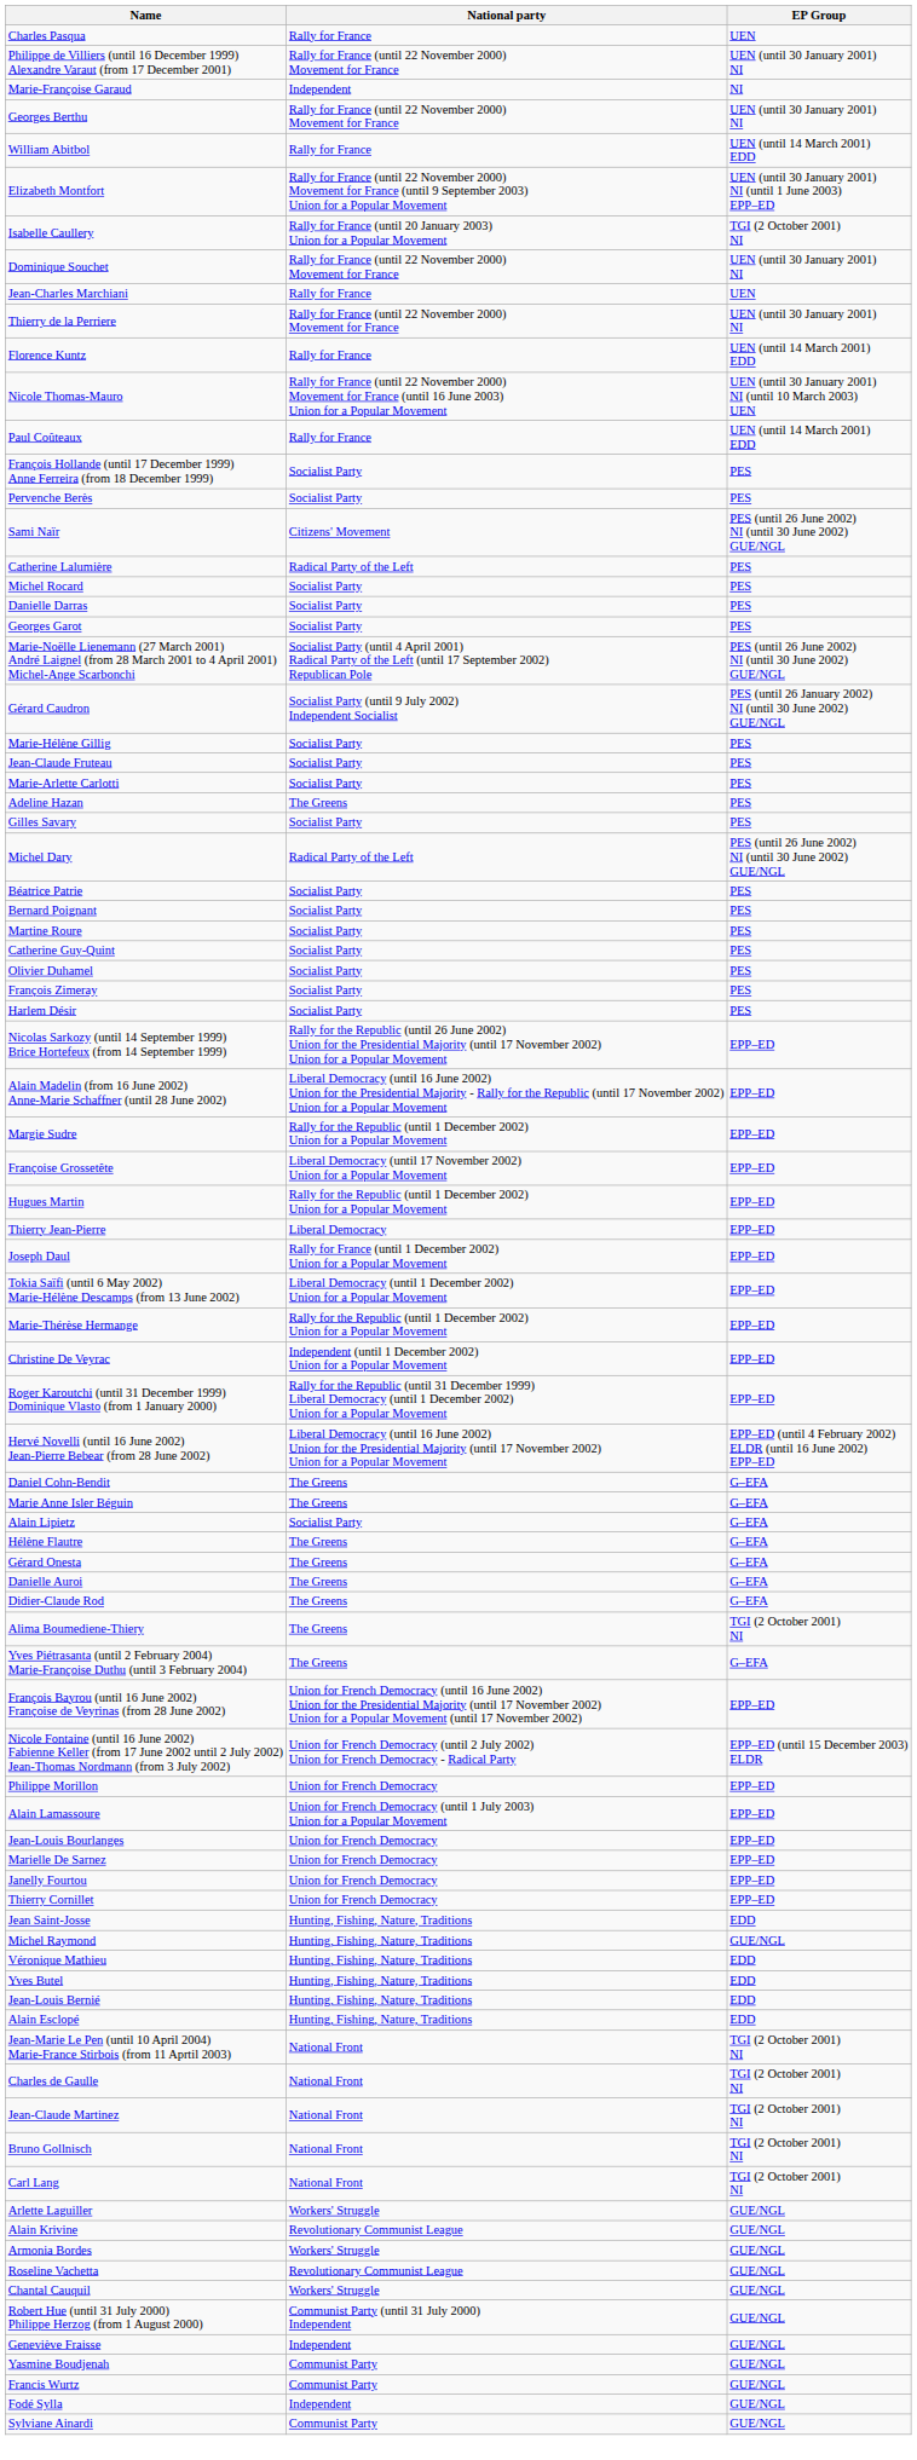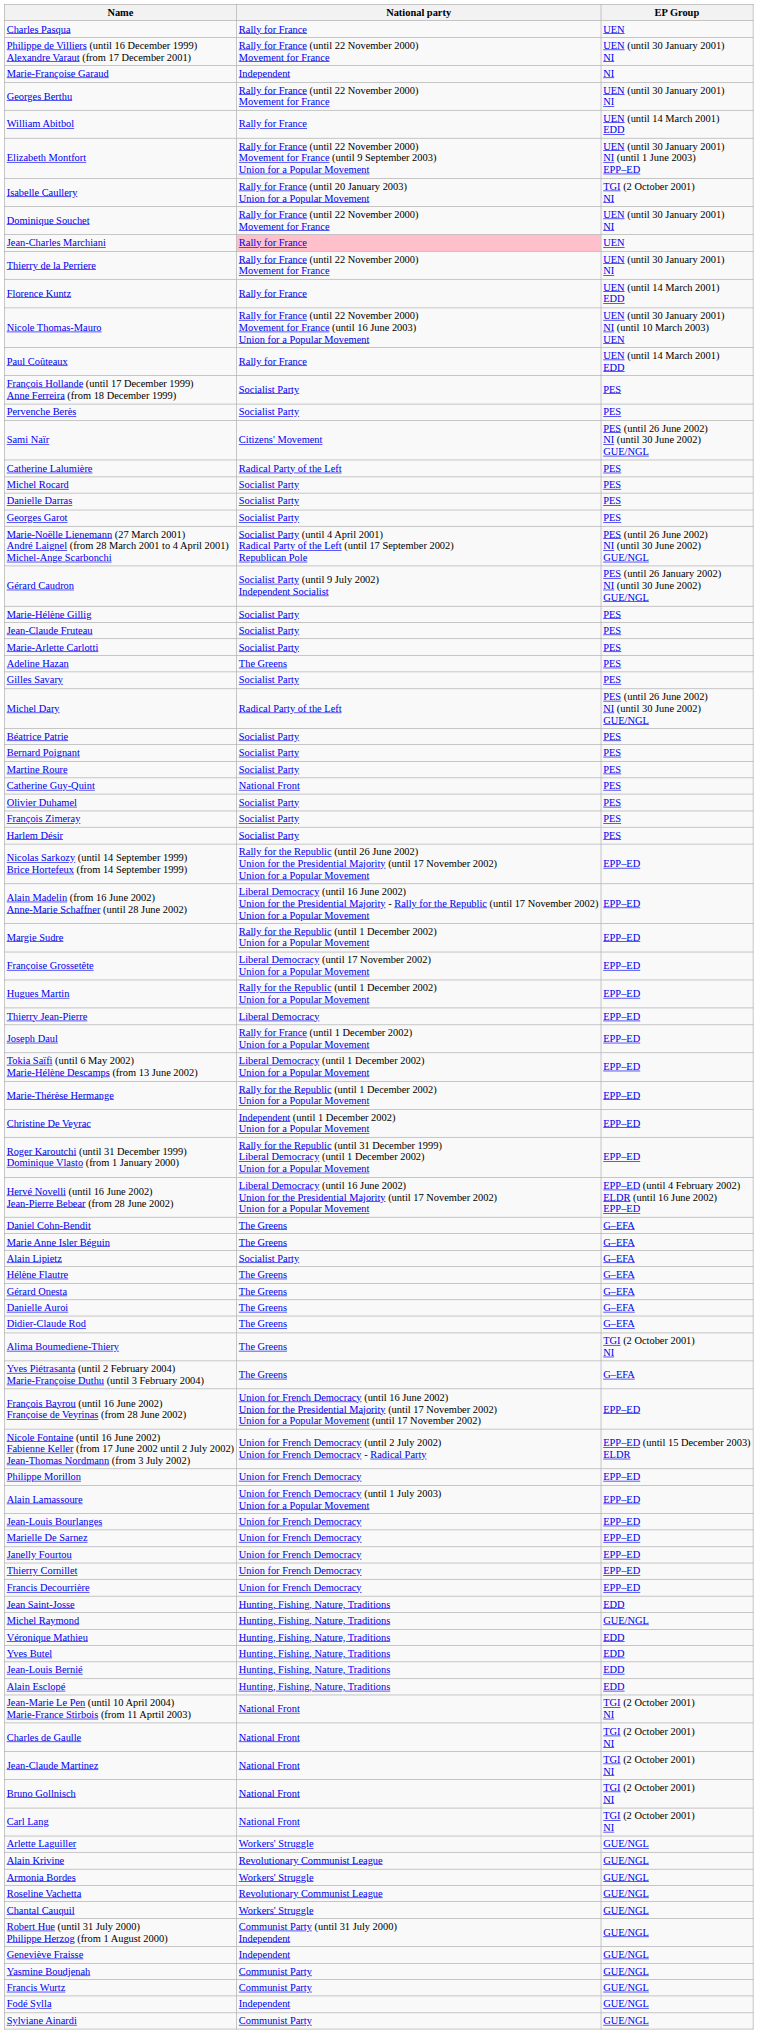 <table class="sortable wikitable">
 <tr>
 <th>Name</th>
 <th>National party</th>
 <th>EP Group</th>
 </tr>
 <tr>
 <td><a href='#'>Charles Pasqua</a></td>
 <td> <a href='#'>Rally for France</a></td>
 <td> <a href='#'>UEN</a></td>
 </tr>
 <tr>
 <td><a href='#'>Philippe de Villiers</a> (until 16 December 1999)<br><a href='#'>Alexandre Varaut</a> (from 17 December 2001)</td>
 <td> <a href='#'>Rally for France</a> (until 22 November 2000)<br> <a href='#'>Movement for France</a></td>
 <td> <a href='#'>UEN</a> (until 30 January 2001)<br> <a href='#'>NI</a></td>
 </tr>
 <tr>
 <td><a href='#'>Marie-Françoise Garaud</a></td>
 <td> <a href='#'>Independent</a></td>
 <td> <a href='#'>NI</a></td>
 </tr>
 <tr>
 <td><a href='#'>Georges Berthu</a></td>
 <td> <a href='#'>Rally for France</a> (until 22 November 2000)<br> <a href='#'>Movement for France</a> <br></td>
 <td> <a href='#'>UEN</a> (until 30 January 2001)<br> <a href='#'>NI</a></td>
 </tr>
 <tr>
 <td><a href='#'>William Abitbol</a></td>
 <td> <a href='#'>Rally for France</a></td>
 <td> <a href='#'>UEN</a> (until 14 March 2001)<br> <a href='#'>EDD</a></td>
 </tr>
 <tr>
 <td><a href='#'>Elizabeth Montfort</a></td>
 <td> <a href='#'>Rally for France</a> (until 22 November 2000)<br> <a href='#'>Movement for France</a> (until 9 September 2003)<br> <a href='#'>Union for a Popular Movement</a></td>
 <td> <a href='#'>UEN</a> (until 30 January 2001)<br> <a href='#'>NI</a> (until 1 June 2003)<br> <a href='#'>EPP–ED</a></td>
 </tr>
 <tr>
 <td><a href='#'>Isabelle Caullery</a></td>
 <td> <a href='#'>Rally for France</a> (until 20 January 2003)<br> <a href='#'>Union for a Popular Movement</a></td>
 <td> <a href='#'>TGI</a> (2 October 2001)<br> <a href='#'>NI</a></td>
 </tr>
 <tr>
 <td><a href='#'>Dominique Souchet</a></td>
 <td> <a href='#'>Rally for France</a> (until 22 November 2000)<br> <a href='#'>Movement for France</a></td>
 <td> <a href='#'>UEN</a> (until 30 January 2001)<br> <a href='#'>NI</a></td>
 </tr>
 <tr>
 <td><a href='#'>Jean-Charles Marchiani</a></td>
-<td> <a href='#'>Rally for France</a></td>
+<td style="background: pink;"> <a href='#'>Rally for France</a></td>
 <td> <a href='#'>UEN</a></td>
 </tr>
 <tr>
 <td><a href='#'>Thierry de la Perriere</a></td>
 <td> <a href='#'>Rally for France</a> (until 22 November 2000)<br> <a href='#'>Movement for France</a></td>
 <td> <a href='#'>UEN</a> (until 30 January 2001)<br> <a href='#'>NI</a></td>
 </tr>
 <tr>
 <td><a href='#'>Florence Kuntz</a></td>
 <td> <a href='#'>Rally for France</a></td>
 <td> <a href='#'>UEN</a> (until 14 March 2001)<br> <a href='#'>EDD</a></td>
 </tr>
 <tr>
 <td><a href='#'>Nicole Thomas-Mauro</a></td>
 <td> <a href='#'>Rally for France</a> (until 22 November 2000)<br> <a href='#'>Movement for France</a> (until 16 June 2003)<br> <a href='#'>Union for a Popular Movement</a></td>
 <td> <a href='#'>UEN</a> (until 30 January 2001)<br> <a href='#'>NI</a> (until 10 March 2003)<br> <a href='#'>UEN</a></td>
 </tr>
 <tr>
 <td><a href='#'>Paul Coûteaux</a></td>
 <td> <a href='#'>Rally for France</a></td>
 <td> <a href='#'>UEN</a> (until 14 March 2001)<br> <a href='#'>EDD</a></td>
 </tr>
 <tr>
 <td><a href='#'>François Hollande</a> (until 17 December 1999)<br><a href='#'>Anne Ferreira</a> (from 18 December 1999)</td>
 <td> <a href='#'>Socialist Party</a></td>
 <td> <a href='#'>PES</a></td>
 </tr>
 <tr>
 <td><a href='#'>Pervenche Berès</a></td>
 <td> <a href='#'>Socialist Party</a></td>
 <td> <a href='#'>PES</a></td>
 </tr>
 <tr>
 <td><a href='#'>Sami Naïr</a></td>
 <td> <a href='#'>Citizens' Movement</a></td>
 <td> <a href='#'>PES</a> (until 26 June 2002)<br> <a href='#'>NI</a> (until 30 June 2002)<br> <a href='#'>GUE/NGL</a></td>
 </tr>
 <tr>
 <td><a href='#'>Catherine Lalumière</a></td>
 <td> <a href='#'>Radical Party of the Left</a></td>
 <td> <a href='#'>PES</a></td>
 </tr>
 <tr>
 <td><a href='#'>Michel Rocard</a></td>
 <td> <a href='#'>Socialist Party</a></td>
 <td> <a href='#'>PES</a></td>
 </tr>
 <tr>
 <td><a href='#'>Danielle Darras</a></td>
 <td> <a href='#'>Socialist Party</a></td>
 <td> <a href='#'>PES</a></td>
 </tr>
 <tr>
 <td><a href='#'>Georges Garot</a></td>
 <td> <a href='#'>Socialist Party</a></td>
 <td> <a href='#'>PES</a></td>
 </tr>
 <tr>
 <td><a href='#'>Marie-Noëlle Lienemann</a> (27 March 2001)<br><a href='#'>André Laignel</a> (from 28 March 2001 to 4 April 2001)<br><a href='#'>Michel-Ange Scarbonchi</a></td>
 <td> <a href='#'>Socialist Party</a> (until 4 April 2001)<br> <a href='#'>Radical Party of the Left</a> (until 17 September 2002)<br> <a href='#'>Republican Pole</a></td>
 <td> <a href='#'>PES</a> (until 26 June 2002)<br> <a href='#'>NI</a> (until 30 June 2002)<br> <a href='#'>GUE/NGL</a></td>
 </tr>
 <tr>
 <td><a href='#'>Gérard Caudron</a></td>
 <td> <a href='#'>Socialist Party</a> (until 9 July 2002)<br> <a href='#'>Independent Socialist</a></td>
 <td> <a href='#'>PES</a> (until 26 January 2002)<br> <a href='#'>NI</a> (until 30 June 2002)<br> <a href='#'>GUE/NGL</a></td>
 </tr>
 <tr>
 <td><a href='#'>Marie-Hélène Gillig</a></td>
 <td> <a href='#'>Socialist Party</a></td>
 <td> <a href='#'>PES</a></td>
 </tr>
 <tr>
 <td><a href='#'>Jean-Claude Fruteau</a></td>
 <td> <a href='#'>Socialist Party</a></td>
 <td> <a href='#'>PES</a></td>
 </tr>
 <tr>
 <td><a href='#'>Marie-Arlette Carlotti</a></td>
 <td> <a href='#'>Socialist Party</a></td>
 <td> <a href='#'>PES</a></td>
 </tr>
 <tr>
 <td><a href='#'>Adeline Hazan</a></td>
 <td> <a href='#'>The Greens</a></td>
 <td> <a href='#'>PES</a></td>
 </tr>
 <tr>
 <td><a href='#'>Gilles Savary</a></td>
 <td> <a href='#'>Socialist Party</a></td>
 <td> <a href='#'>PES</a></td>
 </tr>
 <tr>
 <td><a href='#'>Michel Dary</a></td>
 <td> <a href='#'>Radical Party of the Left</a></td>
 <td> <a href='#'>PES</a> (until 26 June 2002)<br> <a href='#'>NI</a> (until 30 June 2002)<br> <a href='#'>GUE/NGL</a></td>
 </tr>
 <tr>
 <td><a href='#'>Béatrice Patrie</a></td>
 <td> <a href='#'>Socialist Party</a></td>
 <td> <a href='#'>PES</a></td>
 </tr>
 <tr>
 <td><a href='#'>Bernard Poignant</a></td>
 <td> <a href='#'>Socialist Party</a></td>
 <td> <a href='#'>PES</a></td>
 </tr>
 <tr>
 <td><a href='#'>Martine Roure</a></td>
 <td> <a href='#'>Socialist Party</a></td>
 <td> <a href='#'>PES</a></td>
 </tr>
 <tr>
 <td><a href='#'>Catherine Guy-Quint</a></td>
-<td><a href='#'></a> <a href='#'>Socialist Party</a></td>
+<td> <a href='#'>National Front</a></td>
 <td> <a href='#'>PES</a></td>
 </tr>
 <tr>
 <td><a href='#'>Olivier Duhamel</a></td>
 <td><a href='#'></a> <a href='#'>Socialist Party</a></td>
 <td> <a href='#'>PES</a></td>
 </tr>
 <tr>
 <td><a href='#'>François Zimeray</a></td>
 <td> <a href='#'>Socialist Party</a></td>
 <td> <a href='#'>PES</a></td>
 </tr>
 <tr>
 <td><a href='#'>Harlem Désir</a></td>
 <td> <a href='#'>Socialist Party</a></td>
 <td> <a href='#'>PES</a></td>
 </tr>
 <tr>
 <td><a href='#'>Nicolas Sarkozy</a> (until 14 September 1999)<br><a href='#'>Brice Hortefeux</a>  (from 14 September 1999)</td>
 <td> <a href='#'>Rally for the Republic</a> (until 26 June  2002)<br> <a href='#'>Union for the Presidential Majority</a> (until 17 November 2002)<br> <a href='#'>Union for a Popular Movement</a></td>
 <td> <a href='#'>EPP–ED</a></td>
 </tr>
 <tr>
 <td><a href='#'>Alain Madelin</a> (from 16 June 2002)<br><a href='#'>Anne-Marie Schaffner</a> (until 28 June 2002)</td>
 <td> <a href='#'>Liberal Democracy</a> (until 16 June 2002)<br> <a href='#'>Union for the Presidential Majority</a> - <a href='#'>Rally for the Republic</a> (until 17 November 2002)<br> <a href='#'>Union for a Popular Movement</a></td>
 <td> <a href='#'>EPP–ED</a></td>
 </tr>
 <tr>
 <td><a href='#'>Margie Sudre</a></td>
 <td> <a href='#'>Rally for the Republic</a> (until 1 December 2002)<br> <a href='#'>Union for a Popular Movement</a></td>
 <td> <a href='#'>EPP–ED</a></td>
 </tr>
 <tr>
 <td><a href='#'>Françoise Grossetête</a></td>
 <td> <a href='#'>Liberal Democracy</a> (until 17 November 2002)<br> <a href='#'>Union for a Popular Movement</a></td>
 <td> <a href='#'>EPP–ED</a></td>
 </tr>
 <tr>
 <td><a href='#'>Hugues Martin</a></td>
 <td> <a href='#'>Rally for the Republic</a> (until 1 December 2002)<br> <a href='#'>Union for a Popular Movement</a></td>
 <td> <a href='#'>EPP–ED</a></td>
 </tr>
 <tr>
 <td><a href='#'>Thierry Jean-Pierre</a></td>
 <td> <a href='#'>Liberal Democracy</a></td>
 <td> <a href='#'>EPP–ED</a></td>
 </tr>
 <tr>
 <td><a href='#'>Joseph Daul</a></td>
 <td> <a href='#'>Rally for France</a> (until 1 December 2002)<br> <a href='#'>Union for a Popular Movement</a></td>
 <td> <a href='#'>EPP–ED</a></td>
 </tr>
 <tr>
 <td><a href='#'>Tokia Saïfi</a> (until 6 May 2002)<br><a href='#'>Marie-Hélène Descamps</a> (from 13 June 2002)</td>
 <td> <a href='#'>Liberal Democracy</a> (until 1 December 2002)<br> <a href='#'>Union for a Popular Movement</a></td>
 <td> <a href='#'>EPP–ED</a></td>
 </tr>
 <tr>
 <td><a href='#'>Marie-Thérèse Hermange</a></td>
 <td> <a href='#'>Rally for the Republic</a> (until 1 December 2002)<br> <a href='#'>Union for a Popular Movement</a></td>
 <td> <a href='#'>EPP–ED</a></td>
 </tr>
 <tr>
 <td><a href='#'>Christine De Veyrac</a></td>
 <td> <a href='#'>Independent</a> (until 1 December 2002)<br> <a href='#'>Union for a Popular Movement</a></td>
 <td> <a href='#'>EPP–ED</a></td>
 </tr>
 <tr>
 <td><a href='#'>Roger Karoutchi</a> (until 31 December 1999)<br><a href='#'>Dominique Vlasto</a> (from 1 January 2000)</td>
 <td> <a href='#'>Rally for the Republic</a> (until 31 December 1999)<br> <a href='#'>Liberal Democracy</a> (until 1 December 2002)<br> <a href='#'>Union for a Popular Movement</a></td>
 <td> <a href='#'>EPP–ED</a></td>
 </tr>
 <tr>
 <td><a href='#'>Hervé Novelli</a> (until 16 June 2002)<br><a href='#'>Jean-Pierre Bebear</a> (from 28 June 2002)</td>
 <td> <a href='#'>Liberal Democracy</a> (until 16 June 2002)<br> <a href='#'>Union for the Presidential Majority</a> (until 17 November 2002)<br> <a href='#'>Union for a Popular Movement</a></td>
 <td> <a href='#'>EPP–ED</a> (until 4 February 2002)<br> <a href='#'>ELDR</a> (until 16 June  2002)<br> <a href='#'>EPP–ED</a></td>
 </tr>
 <tr>
 <td><a href='#'>Daniel Cohn-Bendit</a></td>
 <td> <a href='#'>The Greens</a></td>
 <td> <a href='#'>G–EFA</a></td>
 </tr>
 <tr>
 <td><a href='#'>Marie Anne Isler Béguin</a></td>
 <td> <a href='#'>The Greens</a></td>
 <td> <a href='#'>G–EFA</a></td>
 </tr>
 <tr>
 <td><a href='#'>Alain Lipietz</a></td>
 <td> <a href='#'>Socialist Party</a></td>
 <td> <a href='#'>G–EFA</a></td>
 </tr>
 <tr>
 <td><a href='#'>Hélène Flautre</a></td>
 <td> <a href='#'>The Greens</a></td>
 <td> <a href='#'>G–EFA</a></td>
 </tr>
 <tr>
 <td><a href='#'>Gérard Onesta</a></td>
 <td> <a href='#'>The Greens</a></td>
 <td> <a href='#'>G–EFA</a></td>
 </tr>
 <tr>
 <td><a href='#'>Danielle Auroi</a></td>
 <td> <a href='#'>The Greens</a></td>
 <td> <a href='#'>G–EFA</a></td>
 </tr>
 <tr>
 <td><a href='#'>Didier-Claude Rod</a></td>
 <td> <a href='#'>The Greens</a></td>
 <td> <a href='#'>G–EFA</a></td>
 </tr>
 <tr>
 <td><a href='#'>Alima Boumediene-Thiery</a></td>
 <td> <a href='#'>The Greens</a></td>
 <td> <a href='#'>TGI</a> (2 October 2001)<br> <a href='#'>NI</a></td>
 </tr>
 <tr>
 <td><a href='#'>Yves Piétrasanta</a> (until 2 February 2004)<br><a href='#'>Marie-Françoise Duthu</a> (until 3 February 2004)</td>
 <td> <a href='#'>The Greens</a></td>
 <td> <a href='#'>G–EFA</a></td>
 </tr>
 <tr>
 <td><a href='#'>François Bayrou</a> (until 16 June 2002)<br><a href='#'>Françoise de Veyrinas</a> (from 28 June 2002)</td>
 <td> <a href='#'>Union for French Democracy</a> (until 16 June 2002)<br> <a href='#'>Union for the Presidential Majority</a> (until 17 November 2002)<br> <a href='#'>Union for a Popular Movement</a> (until 17 November 2002)</td>
 <td> <a href='#'>EPP–ED</a></td>
 </tr>
 <tr>
 <td><a href='#'>Nicole Fontaine</a> (until 16 June 2002)<br><a href='#'>Fabienne Keller</a> (from 17 June 2002 until 2 July 2002)<br><a href='#'>Jean-Thomas Nordmann</a> (from 3 July 2002)</td>
 <td> <a href='#'>Union for French Democracy</a> (until 2 July 2002)<br> <a href='#'>Union for French Democracy</a> - <a href='#'>Radical Party</a></td>
 <td> <a href='#'>EPP–ED</a> (until 15 December 2003)<br> <a href='#'>ELDR</a></td>
 </tr>
 <tr>
 <td><a href='#'>Philippe Morillon</a></td>
 <td> <a href='#'>Union for French Democracy</a></td>
 <td> <a href='#'>EPP–ED</a></td>
 </tr>
 <tr>
 <td><a href='#'>Alain Lamassoure</a></td>
 <td> <a href='#'>Union for French Democracy</a> (until 1 July 2003)<br> <a href='#'>Union for a Popular Movement</a></td>
 <td> <a href='#'>EPP–ED</a></td>
 </tr>
 <tr>
 <td><a href='#'>Jean-Louis Bourlanges</a></td>
 <td> <a href='#'>Union for French Democracy</a></td>
 <td> <a href='#'>EPP–ED</a></td>
 </tr>
 <tr>
 <td><a href='#'>Marielle De Sarnez</a></td>
 <td> <a href='#'>Union for French Democracy</a></td>
 <td> <a href='#'>EPP–ED</a></td>
 </tr>
 <tr>
 <td><a href='#'>Janelly Fourtou</a></td>
 <td> <a href='#'>Union for French Democracy</a></td>
 <td> <a href='#'>EPP–ED</a></td>
 </tr>
 <tr>
 <td><a href='#'>Thierry Cornillet</a></td>
 <td> <a href='#'>Union for French Democracy</a></td>
 <td> <a href='#'>EPP–ED</a></td>
 </tr>
 <tr>
+<td><a href='#'>Francis Decourrière</a></td>
+<td> <a href='#'>Union for French Democracy</a></td>
+<td> <a href='#'>EPP–ED</a></td>
+</tr>
+<tr>
 <td><a href='#'>Jean Saint-Josse</a></td>
 <td> <a href='#'>Hunting, Fishing, Nature, Traditions</a></td>
 <td> <a href='#'>EDD</a></td>
 </tr>
 <tr>
 <td><a href='#'>Michel Raymond</a></td>
 <td> <a href='#'>Hunting, Fishing, Nature, Traditions</a></td>
 <td> <a href='#'>GUE/NGL</a></td>
 </tr>
 <tr>
 <td><a href='#'>Véronique Mathieu</a></td>
 <td> <a href='#'>Hunting, Fishing, Nature, Traditions</a></td>
 <td> <a href='#'>EDD</a></td>
 </tr>
 <tr>
 <td><a href='#'>Yves Butel</a></td>
 <td> <a href='#'>Hunting, Fishing, Nature, Traditions</a></td>
 <td> <a href='#'>EDD</a></td>
 </tr>
 <tr>
 <td><a href='#'>Jean-Louis Bernié</a></td>
 <td> <a href='#'>Hunting, Fishing, Nature, Traditions</a></td>
 <td> <a href='#'>EDD</a></td>
 </tr>
 <tr>
 <td><a href='#'>Alain Esclopé</a></td>
 <td> <a href='#'>Hunting, Fishing, Nature, Traditions</a></td>
 <td> <a href='#'>EDD</a></td>
 </tr>
 <tr>
 <td><a href='#'>Jean-Marie Le Pen</a> (until 10 April 2004)<br><a href='#'>Marie-France Stirbois</a> (from 11 Aprtil 2003)</td>
 <td> <a href='#'>National Front</a></td>
 <td> <a href='#'>TGI</a> (2 October 2001)<br> <a href='#'>NI</a></td>
 </tr>
 <tr>
 <td><a href='#'>Charles de Gaulle</a></td>
 <td> <a href='#'>National Front</a></td>
 <td> <a href='#'>TGI</a> (2 October 2001)<br> <a href='#'>NI</a></td>
 </tr>
 <tr>
 <td><a href='#'>Jean-Claude Martinez</a></td>
 <td> <a href='#'>National Front</a></td>
 <td> <a href='#'>TGI</a> (2 October 2001)<br> <a href='#'>NI</a></td>
 </tr>
 <tr>
 <td><a href='#'>Bruno Gollnisch</a></td>
 <td> <a href='#'>National Front</a></td>
 <td> <a href='#'>TGI</a> (2 October 2001)<br> <a href='#'>NI</a></td>
 </tr>
 <tr>
 <td><a href='#'>Carl Lang</a></td>
 <td> <a href='#'>National Front</a></td>
 <td> <a href='#'>TGI</a> (2 October 2001)<br> <a href='#'>NI</a></td>
 </tr>
 <tr>
 <td><a href='#'>Arlette Laguiller</a></td>
 <td> <a href='#'>Workers' Struggle</a></td>
 <td> <a href='#'>GUE/NGL</a></td>
 </tr>
 <tr>
 <td><a href='#'>Alain Krivine</a></td>
 <td> <a href='#'>Revolutionary Communist League</a></td>
 <td> <a href='#'>GUE/NGL</a></td>
 </tr>
 <tr>
 <td><a href='#'>Armonia Bordes</a></td>
 <td> <a href='#'>Workers' Struggle</a></td>
 <td> <a href='#'>GUE/NGL</a></td>
 </tr>
 <tr>
 <td><a href='#'>Roseline Vachetta</a></td>
 <td> <a href='#'>Revolutionary Communist League</a></td>
 <td> <a href='#'>GUE/NGL</a></td>
 </tr>
 <tr>
 <td><a href='#'>Chantal Cauquil</a></td>
 <td> <a href='#'>Workers' Struggle</a></td>
 <td> <a href='#'>GUE/NGL</a></td>
 </tr>
 <tr>
 <td><a href='#'>Robert Hue</a> (until 31 July 2000)<br><a href='#'>Philippe Herzog</a> (from 1 August 2000)</td>
 <td> <a href='#'>Communist Party</a> (until 31 July 2000)<br> <a href='#'>Independent</a></td>
 <td> <a href='#'>GUE/NGL</a></td>
 </tr>
 <tr>
 <td><a href='#'>Geneviève Fraisse</a></td>
 <td> <a href='#'>Independent</a></td>
 <td> <a href='#'>GUE/NGL</a></td>
 </tr>
 <tr>
 <td><a href='#'>Yasmine Boudjenah</a></td>
 <td> <a href='#'>Communist Party</a></td>
 <td> <a href='#'>GUE/NGL</a></td>
 </tr>
 <tr>
 <td><a href='#'>Francis Wurtz</a></td>
 <td> <a href='#'>Communist Party</a></td>
 <td> <a href='#'>GUE/NGL</a></td>
 </tr>
 <tr>
 <td><a href='#'>Fodé Sylla</a></td>
 <td> <a href='#'>Independent</a></td>
 <td> <a href='#'>GUE/NGL</a></td>
 </tr>
 <tr>
 <td><a href='#'>Sylviane Ainardi</a></td>
 <td> <a href='#'>Communist Party</a></td>
 <td> <a href='#'>GUE/NGL</a></td>
 </tr>
 </table>
